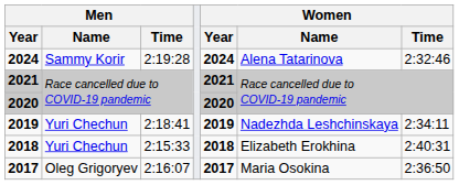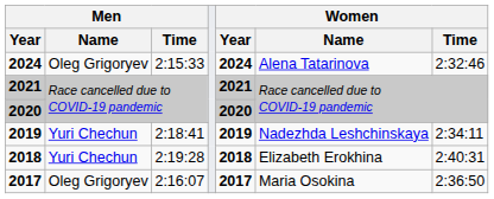 <table class="wikitable sortable" style="font-size=95%;">
 <tr>
 <th colspan=3>Men</th>
 <th colspan=1 style="border:none; background:#eaecf0;"></th>
 <th colspan=3>Women</th>
 </tr>
 <tr>
 <th>Year</th>
 <th>Name</th>
 <th>Time</th>
 <th scope="col" class="unsortable" width="1px" style="border:none; background:#eaecf0;"></th>
 <th>Year</th>
 <th>Name</th>
 <th>Time</th>
 </tr>
 <tr>
 <td><strong>2024</strong></td>
-<td data-sort-value="Sammy Kigen Korir"> <a href='#'>Sammy Korir</a></td>
-<td>2:19:28</td>
+<td data-sort-value="Grigoryev, Oleg">Oleg Grigoryev</td>
+<td>2:15:33</td>
 <td style="border:none; background:#eaecf0;"></td>
 <td><strong>2024</strong></td>
 <td data-sort-value="Tatarinova, Alena"><a href='#'>Alena Tatarinova</a></td>
 <td>2:32:46</td>
 </tr>
 <tr>
 <td bgcolor=#c9c9c9><strong>2021</strong></td>
 <td rowspan=2 colspan=2 bgcolor=#c9c9c9 data-sort-value="ZZZ"><small><em>Race cancelled due to<br> <a href='#'>COVID-19 pandemic</a></em></small></td>
 <td style="border:none; background:#eaecf0;"></td>
 <td bgcolor=#c9c9c9><strong>2021</strong></td>
 <td rowspan=2 colspan=2 bgcolor=#c9c9c9 data-sort-value="ZZZ"><small><em>Race cancelled due to<br> <a href='#'>COVID-19 pandemic</a></em></small></td>
 </tr>
 <tr>
 <td bgcolor=#c9c9c9><strong>2020</strong></td>
 <td style="border:none; background:#eaecf0;"></td>
 <td bgcolor=#c9c9c9><strong>2020</strong></td>
 </tr>
 <tr>
 <td><strong>2019</strong></td>
 <td data-sort-value="Chechun, Yuri"><a href='#'>Yuri Chechun</a></td>
 <td>2:18:41</td>
 <td style="border:none; background:#eaecf0;"></td>
 <td><strong>2019</strong></td>
 <td data-sort-value="Leshchinskaya, Nadezhda"><a href='#'>Nadezhda Leshchinskaya</a></td>
 <td>2:34:11</td>
 </tr>
 <tr>
 <td><strong>2018</strong></td>
 <td data-sort-value="Chechun, Yuri"><a href='#'>Yuri Chechun</a></td>
-<td>2:15:33</td>
+<td>2:19:28</td>
 <td style="border:none; background:#eaecf0;"></td>
 <td><strong>2018</strong></td>
 <td data-sort-value="Erokhina, Elizabeth">Elizabeth Erokhina</td>
 <td>2:40:31</td>
 </tr>
 <tr>
 <td><strong>2017</strong></td>
 <td data-sort-value="Grigoryev, Oleg">Oleg Grigoryev</td>
 <td>2:16:07</td>
 <td style="border:none; background:#eaecf0;"></td>
 <td><strong>2017</strong></td>
 <td data-sort-value="Osokina, Maria">Maria Osokina</td>
 <td>2:36:50</td>
 </tr>
 </table>
